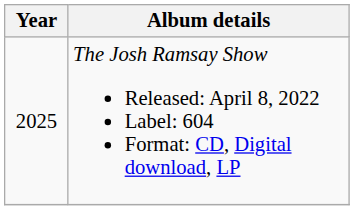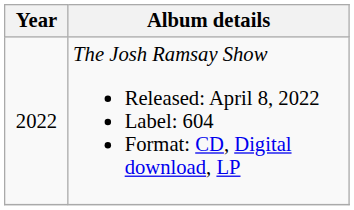 <table class="wikitable" style="text-align:center;">
 <tr>
 <th rowspan="1" width="42">Year</th>
 <th rowspan="1" width="210">Album details</th>
 </tr>
 <tr>
-<td>2025</td>
+<td>2022</td>
 <td align="left"><em>The Josh Ramsay Show</em><br><ul><li>Released: April 8, 2022</li><li>Label: 604</li><li>Format: <a href='#'>CD</a>, <a href='#'>Digital download</a>, <a href='#'>LP</a></li></ul></td>
 </tr>
 <tr>
 </tr>
 </table>
